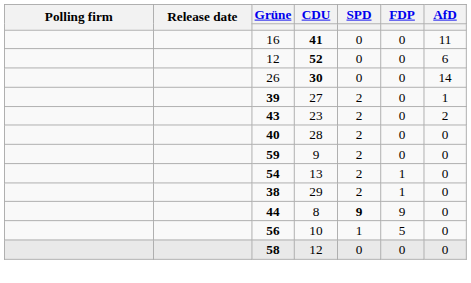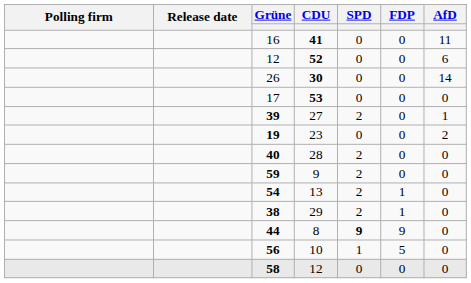 <table class="wikitable sortable mw-datatable" style="text-align:center;font-size:90%;line-height:14px;">
 <tr>
 <th style="width:155px;" rowspan="2">Polling firm</th>
 <th style="width:100px;" rowspan="2">Release date</th>
 <th class="unsortable" style="width:40px;"><a href='#'>Grüne</a></th>
 <th class="unsortable" style="width:40px;"><a href='#'>CDU</a></th>
 <th class="unsortable" style="width:40px;"><a href='#'>SPD</a></th>
 <th class="unsortable" style="width:40px;"><a href='#'>FDP</a></th>
 <th class="unsortable" style="width:40px;"><a href='#'>AfD</a></th>
 </tr>
 <tr>
 <th style="background:"></th>
 <th style="background:"></th>
 <th style="background:"></th>
 <th style="background:"></th>
 <th style="background:"></th>
 </tr>
 <tr>
 <td></td>
 <td></td>
 <td>16</td>
 <td><strong>41</strong></td>
 <td>0</td>
 <td>0</td>
 <td>11</td>
 </tr>
 <tr>
 <td></td>
 <td></td>
 <td>12</td>
 <td><strong>52</strong></td>
 <td>0</td>
 <td>0</td>
 <td>6</td>
 </tr>
 <tr>
 <td></td>
 <td></td>
 <td>26</td>
 <td><strong>30</strong></td>
 <td>0</td>
 <td>0</td>
 <td>14</td>
 </tr>
 <tr>
 <td></td>
 <td></td>
+<td>17</td>
+<td><strong>53</strong></td>
+<td>0</td>
+<td>0</td>
+<td>0</td>
+</tr>
+<tr>
+<td></td>
+<td></td>
 <td><strong>39</strong></td>
 <td>27</td>
 <td>2</td>
 <td>0</td>
 <td>1</td>
 </tr>
 <tr>
 <td></td>
 <td></td>
-<td><strong>43</strong></td>
+<td><strong>19</strong></td>
 <td>23</td>
-<td>2</td>
+<td>0</td>
 <td>0</td>
 <td>2</td>
 </tr>
 <tr>
 <td></td>
 <td></td>
 <td><strong>40</strong></td>
 <td>28</td>
 <td>2</td>
 <td>0</td>
 <td>0</td>
 </tr>
 <tr>
 <td></td>
 <td></td>
 <td><strong>59</strong></td>
 <td>9</td>
 <td>2</td>
 <td>0</td>
 <td>0</td>
 </tr>
 <tr>
 <td></td>
 <td></td>
 <td><strong>54</strong></td>
 <td>13</td>
 <td>2</td>
 <td>1</td>
 <td>0</td>
 </tr>
 <tr>
 <td></td>
 <td></td>
 <td><strong>38</strong></td>
 <td>29</td>
 <td>2</td>
 <td>1</td>
 <td>0</td>
 </tr>
 <tr>
 <td></td>
 <td></td>
 <td><strong>44</strong></td>
 <td>8</td>
 <td><strong>9</strong></td>
 <td>9</td>
 <td>0</td>
 </tr>
 <tr>
 <td></td>
 <td></td>
 <td><strong>56</strong></td>
 <td>10</td>
 <td>1</td>
 <td>5</td>
 <td>0</td>
 </tr>
 <tr style="background:#E9E9E9;">
 <td></td>
 <td></td>
 <td><strong>58</strong></td>
 <td>12</td>
 <td>0</td>
 <td>0</td>
 <td>0</td>
 </tr>
 </table>
